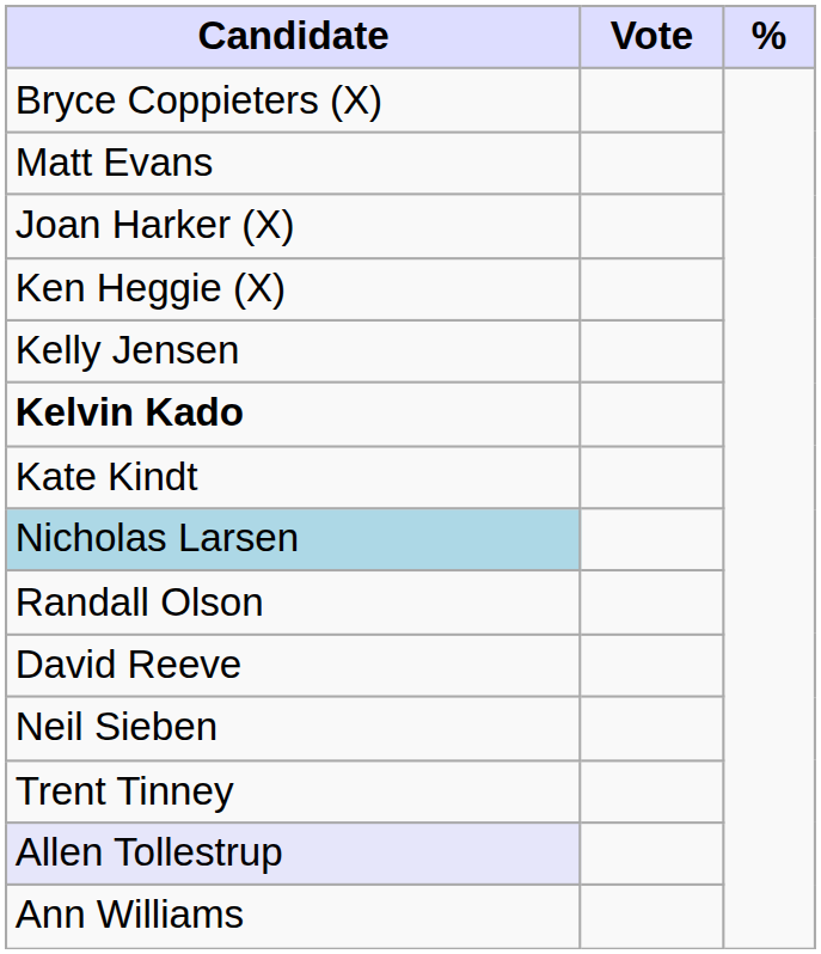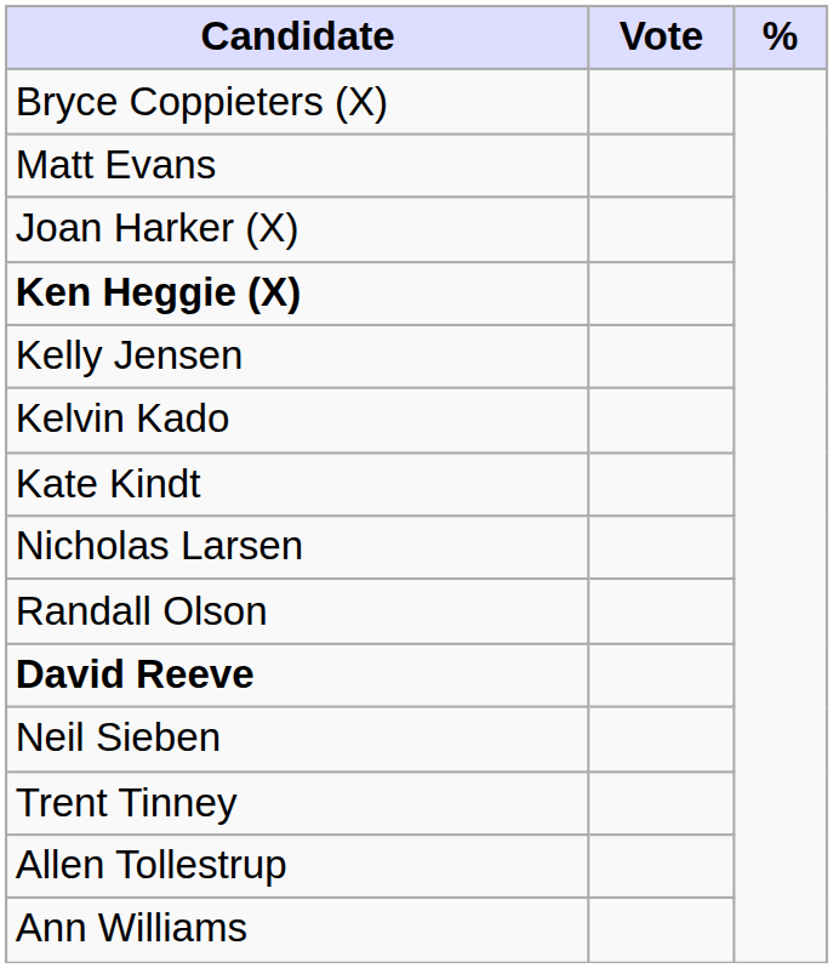 <table class="wikitable">
 <tr>
 <th style="background:#ddf; width:225px;">Candidate</th>
 <th style="background:#ddf; width:50px;">Vote</th>
 <th style="background:#ddf; width:30px;">%</th>
 </tr>
 <tr>
 <td>Bryce Coppieters (X)</td>
 <td></td>
 </tr>
 <tr>
 <td>Matt Evans</td>
 <td></td>
 </tr>
 <tr>
 <td>Joan Harker (X)</td>
 <td></td>
 </tr>
 <tr>
-<td>Ken Heggie (X)</td>
+<td><strong>Ken Heggie (X)</strong></td>
 <td></td>
 </tr>
 <tr>
 <td>Kelly Jensen</td>
 <td></td>
 </tr>
 <tr>
-<td><strong>Kelvin Kado</strong></td>
+<td>Kelvin Kado</td>
 <td></td>
 </tr>
 <tr>
 <td>Kate Kindt</td>
 <td></td>
 </tr>
 <tr>
-<td style="background: lightblue;">Nicholas Larsen</td>
+<td>Nicholas Larsen</td>
 <td></td>
 </tr>
 <tr>
 <td>Randall Olson</td>
 <td></td>
 </tr>
 <tr>
-<td>David Reeve</td>
+<td><strong>David Reeve</strong></td>
 <td></td>
 </tr>
 <tr>
 <td>Neil Sieben</td>
 <td></td>
 </tr>
 <tr>
 <td>Trent Tinney</td>
 <td></td>
 </tr>
 <tr>
-<td style="background: lavender;">Allen Tollestrup</td>
+<td>Allen Tollestrup</td>
 <td></td>
 </tr>
 <tr>
 <td>Ann Williams</td>
 <td></td>
 </tr>
 </table>
